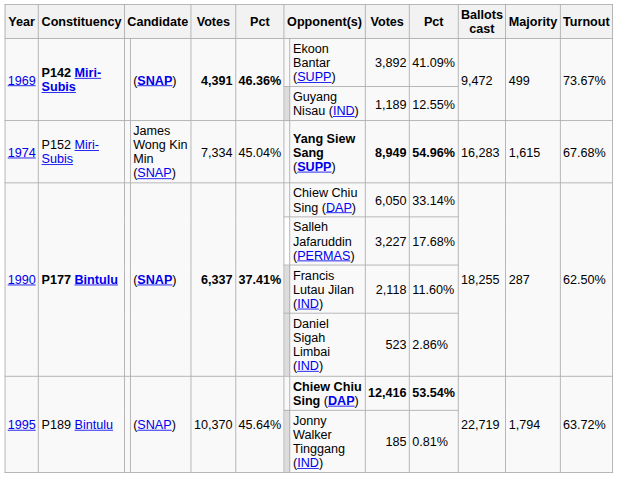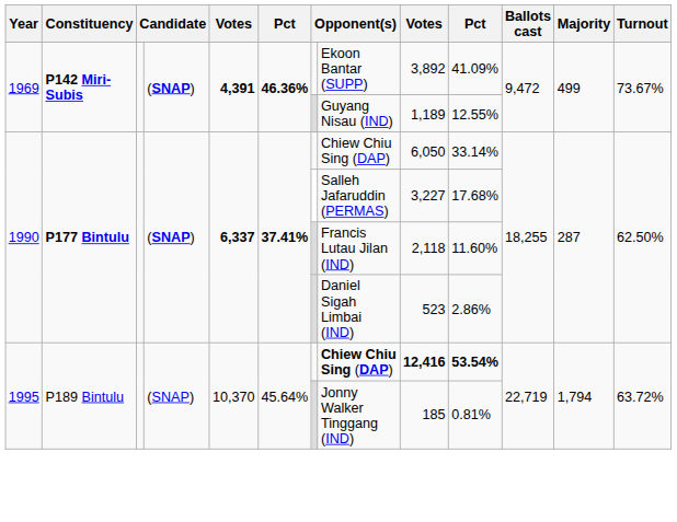 <table class="wikitable" style="margin:0.5em ; font-size:95%">
 <tr>
 <th>Year</th>
 <th>Constituency</th>
 <th colspan=2>Candidate</th>
 <th>Votes</th>
 <th>Pct</th>
 <th colspan=2>Opponent(s)</th>
 <th>Votes</th>
 <th>Pct</th>
 <th>Ballots cast</th>
 <th>Majority</th>
 <th>Turnout</th>
 </tr>
 <tr>
 <td rowspan=2><a href='#'>1969</a></td>
 <td rowspan=2><strong>P142 <a href='#'>Miri-Subis</a></strong></td>
 <td rowspan=2></td>
 <td rowspan=2> (<a href='#'><strong>SNAP</strong></a>)</td>
 <td rowspan=2 align=right><strong>4,391</strong></td>
 <td rowspan=2><strong>46.36%</strong></td>
 <td></td>
 <td>Ekoon Bantar (<a href='#'>SUPP</a>)</td>
 <td align=right>3,892</td>
 <td>41.09%</td>
 <td rowspan=2>9,472</td>
 <td rowspan=2>499</td>
 <td rowspan=2>73.67%</td>
 </tr>
 <tr>
 <td bgcolor=#DCDCDC></td>
 <td>Guyang Nisau (<a href='#'>IND</a>)</td>
 <td align=right>1,189</td>
 <td>12.55%</td>
-</tr>
-<tr>
-<td><a href='#'>1974</a></td>
-<td>P152 <a href='#'>Miri-Subis</a></td>
-<td></td>
-<td>James Wong Kin Min (<a href='#'>SNAP</a>)</td>
-<td align=right>7,334</td>
-<td>45.04%</td>
-<td></td>
-<td><strong>Yang Siew Sang</strong> (<a href='#'><strong>SUPP</strong></a>)</td>
-<td align=right><strong>8,949</strong></td>
-<td><strong>54.96%</strong></td>
-<td>16,283</td>
-<td>1,615</td>
-<td>67.68%</td>
 </tr>
 <tr>
 <td rowspan=4><a href='#'>1990</a></td>
 <td rowspan=4><strong>P177 <a href='#'>Bintulu</a></strong></td>
 <td rowspan=4></td>
 <td rowspan=4> (<a href='#'><strong>SNAP</strong></a>)</td>
 <td rowspan=4 align=right><strong>6,337</strong></td>
 <td rowspan=4><strong>37.41%</strong></td>
 <td></td>
 <td>Chiew Chiu Sing (<a href='#'>DAP</a>)</td>
 <td align=right>6,050</td>
 <td>33.14%</td>
 <td rowspan=4>18,255</td>
 <td rowspan=4>287</td>
 <td rowspan=4>62.50%</td>
 </tr>
 <tr>
 <td bgcolor=#FFFFFF></td>
 <td>Salleh Jafaruddin (<a href='#'>PERMAS</a>)</td>
 <td align=right>3,227</td>
 <td>17.68%</td>
 </tr>
 <tr>
 <td bgcolor=#DCDCDC></td>
 <td>Francis Lutau Jilan (<a href='#'>IND</a>)</td>
 <td align=right>2,118</td>
 <td>11.60%</td>
 </tr>
 <tr>
 <td bgcolor=#DCDCDC></td>
 <td>Daniel Sigah Limbai (<a href='#'>IND</a>)</td>
 <td align=right>523</td>
 <td>2.86%</td>
 </tr>
 <tr>
 <td rowspan=2><a href='#'>1995</a></td>
 <td rowspan=2>P189 <a href='#'>Bintulu</a></td>
 <td rowspan=2></td>
 <td rowspan=2> (<a href='#'>SNAP</a>)</td>
 <td rowspan=2 align=right>10,370</td>
 <td rowspan=2>45.64%</td>
 <td></td>
 <td><strong>Chiew Chiu Sing</strong> (<a href='#'><strong>DAP</strong></a>)</td>
 <td align=right><strong>12,416</strong></td>
 <td><strong>53.54%</strong></td>
 <td rowspan=2>22,719</td>
 <td rowspan=2>1,794</td>
 <td rowspan=2>63.72%</td>
 </tr>
 <tr>
 <td bgcolor=#DCDCDC></td>
 <td>Jonny Walker Tinggang (<a href='#'>IND</a>)</td>
 <td align=right>185</td>
 <td>0.81%</td>
 </tr>
 </table>
